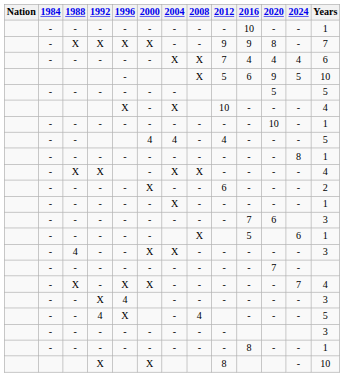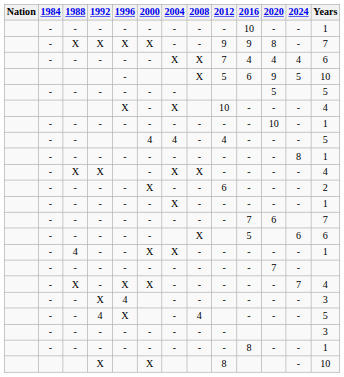 <table class="wikitable" style="text-align:center">
 <tr>
 <th>Nation</th>
 <th><a href='#'>1984</a></th>
 <th><a href='#'>1988</a></th>
 <th><a href='#'>1992</a></th>
 <th><a href='#'>1996</a></th>
 <th><a href='#'>2000</a></th>
 <th><a href='#'>2004</a></th>
 <th><a href='#'>2008</a></th>
 <th><a href='#'>2012</a></th>
 <th><a href='#'>2016</a></th>
 <th><a href='#'>2020</a></th>
 <th><a href='#'>2024</a></th>
 <th>Years</th>
 </tr>
 <tr>
 <td align=left></td>
 <td>-</td>
 <td>-</td>
 <td>-</td>
 <td>-</td>
 <td>-</td>
 <td>-</td>
 <td>-</td>
 <td>-</td>
 <td>10</td>
 <td>-</td>
 <td>-</td>
 <td>1</td>
 </tr>
 <tr>
 <td align=left></td>
 <td>-</td>
 <td>X</td>
 <td>X</td>
 <td>X</td>
 <td>X</td>
 <td>-</td>
 <td>-</td>
 <td>9</td>
 <td>9</td>
 <td>8</td>
 <td>-</td>
 <td>7</td>
 </tr>
 <tr>
 <td align=left></td>
 <td>-</td>
 <td>-</td>
 <td>-</td>
 <td>-</td>
 <td>-</td>
 <td>X</td>
 <td>X</td>
 <td>7</td>
 <td>4</td>
 <td>4</td>
 <td>4</td>
 <td>6</td>
 </tr>
 <tr>
 <td align=left></td>
 <td></td>
 <td></td>
 <td></td>
 <td>-</td>
 <td></td>
 <td></td>
 <td>X</td>
 <td>5</td>
 <td>6</td>
 <td>9</td>
 <td>5</td>
 <td>10</td>
 </tr>
 <tr>
 <td align=left></td>
 <td>-</td>
 <td>-</td>
 <td>-</td>
 <td>-</td>
 <td>-</td>
 <td>-</td>
 <td></td>
 <td></td>
 <td></td>
 <td>5</td>
 <td></td>
 <td>5</td>
 </tr>
 <tr>
 <td align=left></td>
 <td></td>
 <td></td>
 <td></td>
 <td>X</td>
 <td>-</td>
 <td>X</td>
 <td></td>
 <td>10</td>
 <td>-</td>
 <td>-</td>
 <td>-</td>
 <td>4</td>
 </tr>
 <tr>
 <td align=left></td>
 <td>-</td>
 <td>-</td>
 <td>-</td>
 <td>-</td>
 <td>-</td>
 <td>-</td>
 <td>-</td>
 <td>-</td>
 <td>-</td>
 <td>10</td>
 <td>-</td>
 <td>1</td>
 </tr>
 <tr>
 <td align=left></td>
 <td>-</td>
 <td>-</td>
 <td></td>
 <td></td>
 <td>4</td>
 <td>4</td>
 <td>-</td>
 <td>4</td>
 <td>-</td>
 <td>-</td>
 <td>-</td>
 <td>5</td>
 </tr>
 <tr>
 <td align=left></td>
 <td>-</td>
 <td>-</td>
 <td>-</td>
 <td>-</td>
 <td>-</td>
 <td>-</td>
 <td>-</td>
 <td>-</td>
 <td>-</td>
 <td>-</td>
 <td>8</td>
 <td>1</td>
 </tr>
 <tr>
 <td align=left></td>
 <td>-</td>
 <td>X</td>
 <td>X</td>
 <td></td>
 <td>-</td>
 <td>X</td>
 <td>X</td>
 <td>-</td>
 <td>-</td>
 <td>-</td>
 <td>-</td>
 <td>4</td>
 </tr>
 <tr>
 <td align=left></td>
 <td>-</td>
 <td>-</td>
 <td>-</td>
 <td>-</td>
 <td>X</td>
 <td>-</td>
 <td>-</td>
 <td>6</td>
 <td>-</td>
 <td>-</td>
 <td>-</td>
 <td>2</td>
 </tr>
 <tr>
 <td align=left></td>
 <td>-</td>
 <td>-</td>
 <td>-</td>
 <td>-</td>
 <td>-</td>
 <td>X</td>
 <td>-</td>
 <td>-</td>
 <td>-</td>
 <td>-</td>
 <td>-</td>
 <td>1</td>
 </tr>
 <tr>
 <td align=left></td>
 <td>-</td>
 <td>-</td>
 <td>-</td>
 <td>-</td>
 <td>-</td>
 <td>-</td>
 <td>-</td>
 <td>-</td>
 <td>7</td>
 <td>6</td>
 <td></td>
-<td>3</td>
+<td>7</td>
 </tr>
 <tr>
 <td align=left></td>
 <td>-</td>
 <td>-</td>
 <td>-</td>
 <td>-</td>
 <td>-</td>
 <td></td>
 <td>X</td>
 <td></td>
 <td>5</td>
 <td></td>
 <td>6</td>
-<td>1</td>
+<td>6</td>
 </tr>
 <tr>
 <td align=left></td>
 <td>-</td>
 <td>4</td>
 <td>-</td>
 <td>-</td>
 <td>X</td>
 <td>X</td>
 <td>-</td>
 <td>-</td>
 <td>-</td>
 <td>-</td>
 <td>-</td>
-<td>3</td>
+<td>1</td>
 </tr>
 <tr>
 <td align=left></td>
 <td>-</td>
 <td>-</td>
 <td>-</td>
 <td>-</td>
 <td>-</td>
 <td>-</td>
 <td>-</td>
 <td>-</td>
 <td>-</td>
 <td>7</td>
 <td>-</td>
 <td></td>
 </tr>
 <tr>
 <td align=left></td>
 <td>-</td>
 <td>X</td>
 <td>-</td>
 <td>X</td>
 <td>X</td>
 <td>-</td>
 <td>-</td>
 <td>-</td>
 <td>-</td>
 <td>-</td>
 <td>7</td>
 <td>4</td>
 </tr>
 <tr>
 <td align=left></td>
 <td>-</td>
 <td>-</td>
 <td>X</td>
 <td>4</td>
 <td></td>
 <td>-</td>
 <td>-</td>
 <td>-</td>
 <td>-</td>
 <td>-</td>
 <td>-</td>
 <td>3</td>
 </tr>
 <tr>
 <td align=left></td>
 <td>-</td>
 <td>-</td>
 <td>4</td>
 <td>X</td>
 <td></td>
 <td>-</td>
 <td>4</td>
 <td></td>
 <td>-</td>
 <td>-</td>
 <td>-</td>
 <td>5</td>
 </tr>
 <tr>
 <td align=left></td>
 <td>-</td>
 <td>-</td>
 <td>-</td>
 <td>-</td>
 <td>-</td>
 <td>-</td>
 <td>-</td>
 <td>-</td>
 <td></td>
 <td></td>
 <td></td>
 <td>3</td>
 </tr>
 <tr>
 <td align=left></td>
 <td>-</td>
 <td>-</td>
 <td>-</td>
 <td>-</td>
 <td>-</td>
 <td>-</td>
 <td>-</td>
 <td>-</td>
 <td>8</td>
 <td>-</td>
 <td>-</td>
 <td>1</td>
 </tr>
 <tr>
 <td align=left></td>
 <td></td>
 <td></td>
 <td>X</td>
 <td></td>
 <td>X</td>
 <td></td>
 <td></td>
 <td>8</td>
 <td></td>
 <td></td>
 <td>-</td>
 <td>10</td>
 </tr>
 </table>
